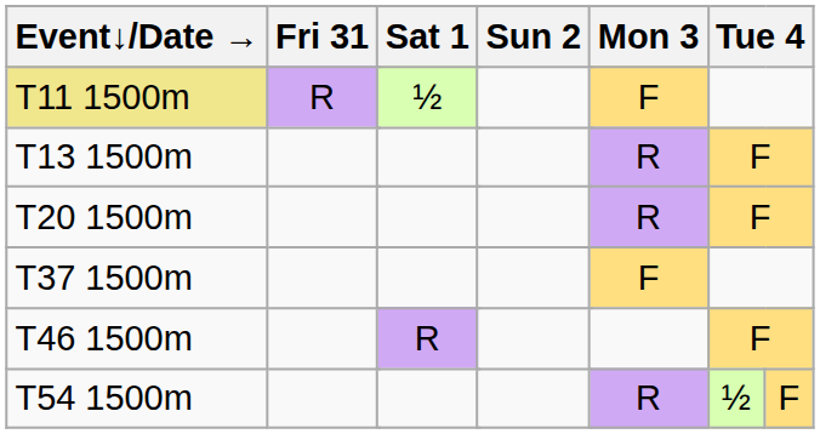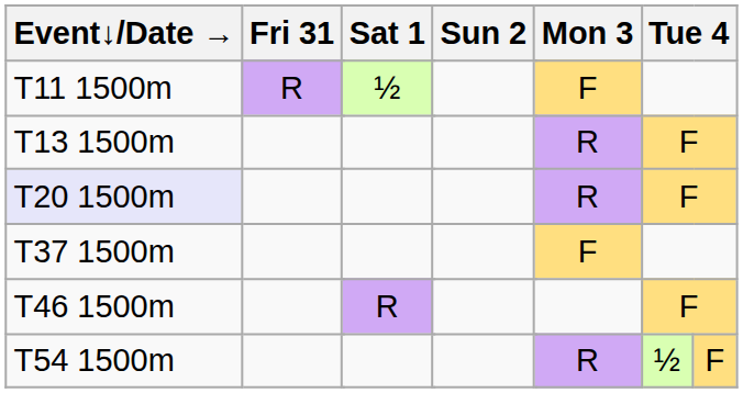 <table class="wikitable" style="margin:0.5em auto; font-size:90%; line-height:1.25em;">
 <tr align="center">
 <th>Event↓/Date →</th>
 <th colspan=2>Fri 31</th>
 <th colspan=2>Sat 1</th>
 <th colspan=2>Sun 2</th>
 <th colspan=2>Mon 3</th>
 <th colspan=2>Tue 4</th>
 </tr>
 <tr align="center">
-<td align="left" style="background: khaki;">T11 1500m</td>
+<td align="left">T11 1500m</td>
 <td colspan=2 bgcolor="#D0A9F5">R</td>
 <td colspan=2 bgcolor="#D9FFB2">½</td>
 <td colspan=2></td>
 <td colspan=2 bgcolor="#FFDF80">F</td>
 <td colspan=2></td>
 </tr>
 <tr align="center">
 <td align="left">T13 1500m</td>
 <td colspan=2></td>
 <td colspan=2></td>
 <td colspan=2></td>
 <td colspan=2 bgcolor="#D0A9F5">R</td>
 <td colspan=2 bgcolor="#FFDF80">F</td>
 </tr>
 <tr align="center">
-<td align="left">T20 1500m</td>
+<td align="left" style="background: lavender;">T20 1500m</td>
 <td colspan=2></td>
 <td colspan=2></td>
 <td colspan=2></td>
 <td colspan=2 bgcolor="#D0A9F5">R</td>
 <td colspan=2 bgcolor="#FFDF80">F</td>
 </tr>
 <tr align="center">
 <td align="left">T37 1500m</td>
 <td colspan=2></td>
 <td colspan=2></td>
 <td colspan=2></td>
 <td colspan=2 bgcolor="#FFDF80">F</td>
 <td colspan=2></td>
 </tr>
 <tr align="center">
 <td align="left">T46 1500m</td>
 <td colspan=2></td>
 <td colspan=2 bgcolor="#D0A9F5">R</td>
 <td colspan=2></td>
 <td colspan=2></td>
 <td colspan=2 bgcolor="#FFDF80">F</td>
 </tr>
 <tr align="center">
 <td align="left">T54 1500m</td>
 <td colspan=2></td>
 <td colspan=2></td>
 <td colspan=2></td>
 <td colspan=2 bgcolor="#D0A9F5">R</td>
 <td bgcolor="#D9FFB2">½</td>
 <td bgcolor="#FFDF80">F</td>
 </tr>
 </table>
